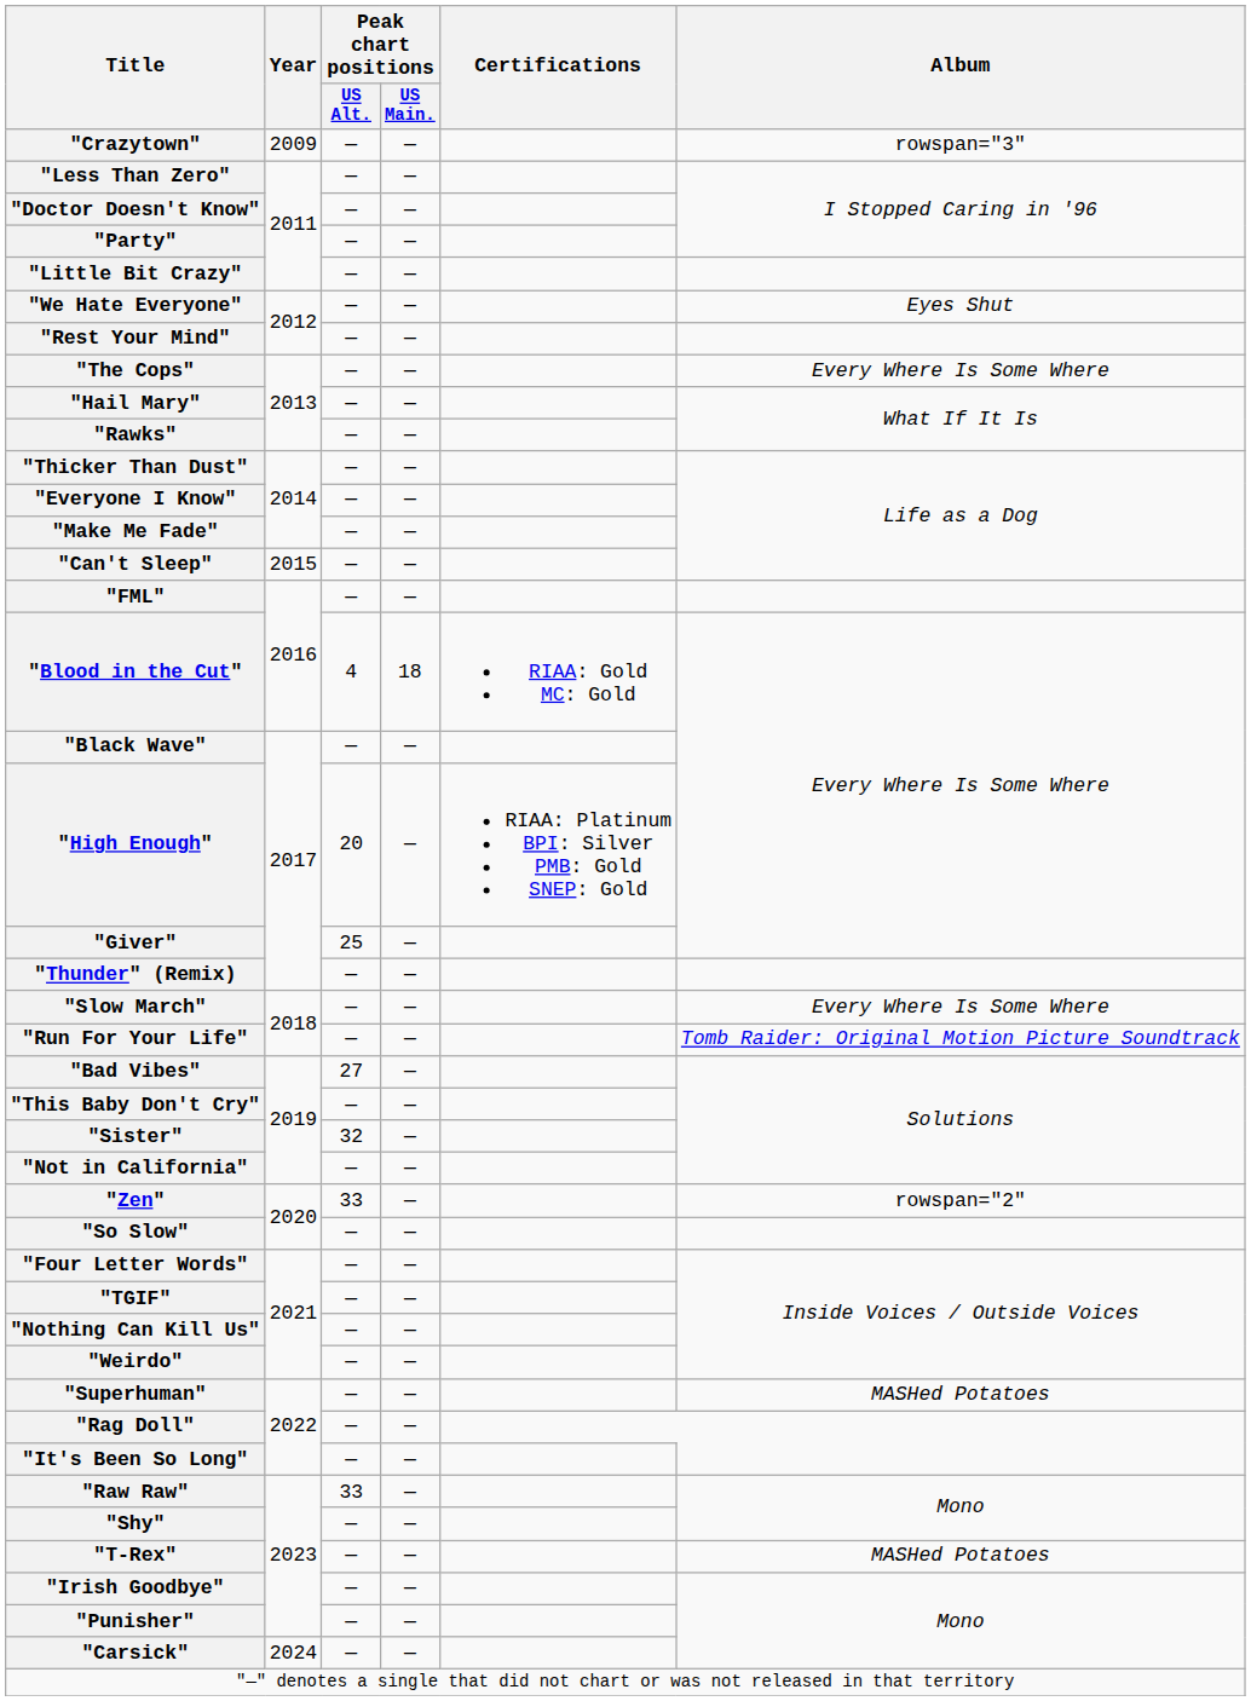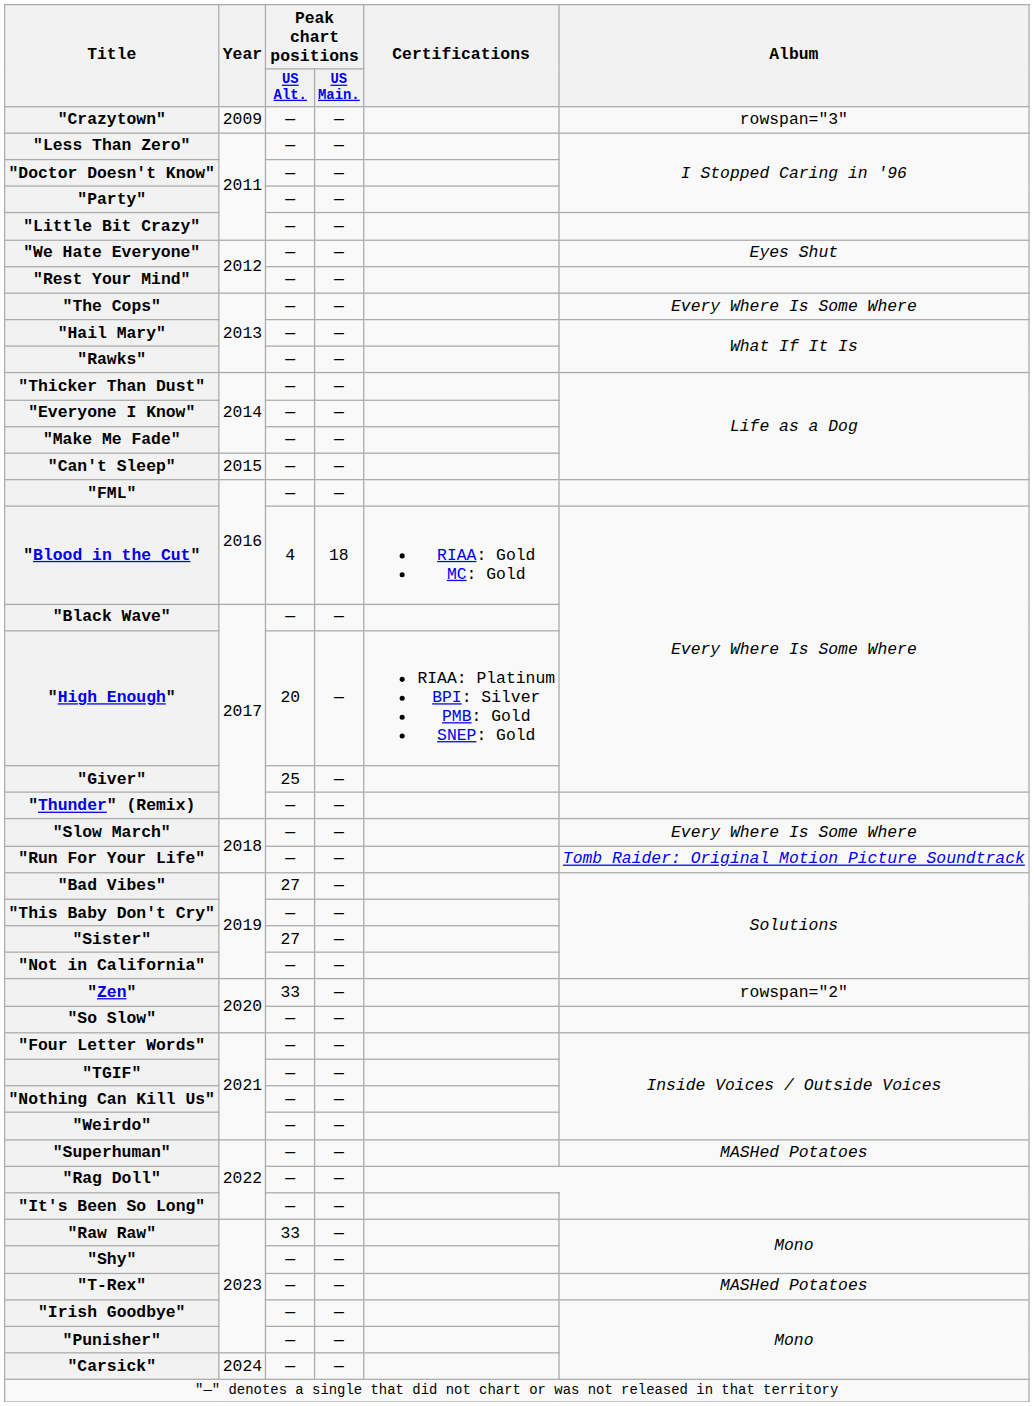 <table class="wikitable plainrowheaders" style="text-align:center;">
 <tr>
 <th scope="col" rowspan="2">Title</th>
 <th scope="col" rowspan="2">Year</th>
 <th scope="col" colspan="2">Peak chart positions</th>
 <th scope="col" rowspan="2">Certifications</th>
 <th scope="col" rowspan="2">Album</th>
 </tr>
 <tr>
 <th scope="col" style="width:3em;font-size:85%;"><a href='#'>US Alt.</a><br></th>
 <th scope="col" style="width:3em;font-size:85%;"><a href='#'>US Main.</a><br></th>
 </tr>
 <tr>
 <th scope="row">"Crazytown"</th>
 <td>2009</td>
 <td>—</td>
 <td>—</td>
 <td></td>
 <td>rowspan="3" </td>
 </tr>
 <tr>
 <th scope="row">"Less Than Zero"</th>
 <td rowspan="4">2011</td>
 <td>—</td>
 <td>—</td>
 <td></td>
 <td rowspan="3"><em>I Stopped Caring in '96</em></td>
 </tr>
 <tr>
 <th scope="row">"Doctor Doesn't Know"</th>
 <td>—</td>
 <td>—</td>
 <td></td>
 </tr>
 <tr>
 <th scope="row">"Party"</th>
 <td>—</td>
 <td>—</td>
 <td></td>
 </tr>
 <tr>
 <th scope="row">"Little Bit Crazy"</th>
 <td>—</td>
 <td>—</td>
 <td></td>
 <td></td>
 </tr>
 <tr>
 <th scope="row">"We Hate Everyone"</th>
 <td rowspan="2">2012</td>
 <td>—</td>
 <td>—</td>
 <td></td>
 <td><em>Eyes Shut</em></td>
 </tr>
 <tr>
 <th scope="row">"Rest Your Mind"<br></th>
 <td>—</td>
 <td>—</td>
 <td></td>
 <td></td>
 </tr>
 <tr>
 <th scope="row">"The Cops"</th>
 <td rowspan="3">2013</td>
 <td>—</td>
 <td>—</td>
 <td></td>
 <td><em>Every Where Is Some Where</em></td>
 </tr>
 <tr>
 <th scope="row">"Hail Mary"<br></th>
 <td>—</td>
 <td>—</td>
 <td></td>
 <td rowspan="2"><em>What If It Is</em></td>
 </tr>
 <tr>
 <th scope="row">"Rawks"</th>
 <td>—</td>
 <td>—</td>
 <td></td>
 </tr>
 <tr>
 <th scope="row">"Thicker Than Dust"</th>
 <td rowspan="3">2014</td>
 <td>—</td>
 <td>—</td>
 <td></td>
 <td rowspan="4"><em>Life as a Dog</em></td>
 </tr>
 <tr>
 <th scope="row">"Everyone I Know"</th>
 <td>—</td>
 <td>—</td>
 <td></td>
 </tr>
 <tr>
 <th scope="row">"Make Me Fade"</th>
 <td>—</td>
 <td>—</td>
 <td></td>
 </tr>
 <tr>
 <th scope="row">"Can't Sleep"</th>
 <td>2015</td>
 <td>—</td>
 <td>—</td>
 <td></td>
 </tr>
 <tr>
 <th scope="row">"FML"</th>
 <td rowspan="2">2016</td>
 <td>—</td>
 <td>—</td>
 <td></td>
 <td></td>
 </tr>
 <tr>
 <th scope="row">"<a href='#'>Blood in the Cut</a>"</th>
 <td>4</td>
 <td>18</td>
 <td><br><ul><li><a href='#'>RIAA</a>: Gold</li><li><a href='#'>MC</a>: Gold</li></ul></td>
 <td rowspan="4"><em>Every Where Is Some Where</em></td>
 </tr>
 <tr>
 <th scope="row">"Black Wave"</th>
 <td rowspan="4">2017</td>
 <td>—</td>
 <td>—</td>
 <td></td>
 </tr>
 <tr>
 <th scope="row">"<a href='#'>High Enough</a>"</th>
 <td>20</td>
 <td>—</td>
 <td><br><ul><li>RIAA: Platinum</li><li><a href='#'>BPI</a>: Silver</li><li><a href='#'>PMB</a>: Gold</li><li><a href='#'>SNEP</a>: Gold</li></ul></td>
 </tr>
 <tr>
 <th scope="row">"Giver"</th>
 <td>25</td>
 <td>—</td>
 <td></td>
 </tr>
 <tr>
 <th scope="row">"<a href='#'>Thunder</a>" (Remix)<br></th>
 <td>—</td>
 <td>—</td>
 <td></td>
 <td></td>
 </tr>
 <tr>
 <th scope="row">"Slow March"</th>
 <td rowspan="2">2018</td>
 <td>—</td>
 <td>—</td>
 <td></td>
 <td><em>Every Where Is Some Where</em></td>
 </tr>
 <tr>
 <th scope="row">"Run For Your Life"</th>
 <td>—</td>
 <td>—</td>
 <td></td>
 <td><a href='#'><em>Tomb Raider: Original Motion Picture Soundtrack</em></a></td>
 </tr>
 <tr>
 <th scope="row">"Bad Vibes"</th>
 <td rowspan="4">2019</td>
 <td>27</td>
 <td>—</td>
 <td></td>
 <td rowspan="4"><em>Solutions</em></td>
 </tr>
 <tr>
 <th scope="row">"This Baby Don't Cry"</th>
 <td>—</td>
 <td>—</td>
 <td></td>
 </tr>
 <tr>
 <th scope="row">"Sister"</th>
-<td>32</td>
+<td>27</td>
 <td>—</td>
 <td></td>
 </tr>
 <tr>
 <th scope="row">"Not in California"</th>
 <td>—</td>
 <td>—</td>
 <td></td>
 </tr>
 <tr>
 <th scope="row">"<a href='#'>Zen</a>"<br></th>
 <td rowspan="2">2020</td>
 <td>33</td>
 <td>—</td>
 <td></td>
 <td>rowspan="2" </td>
 </tr>
 <tr>
 <th scope="row">"So Slow" <br></th>
 <td>—</td>
 <td>—</td>
 <td></td>
 </tr>
 <tr>
 <th scope="row">"Four Letter Words"</th>
 <td rowspan="4">2021</td>
 <td>—</td>
 <td>—</td>
 <td></td>
 <td rowspan="4"><em>Inside Voices / Outside Voices</em></td>
 </tr>
 <tr>
 <th scope="row">"TGIF"<br></th>
 <td>—</td>
 <td>—</td>
 <td></td>
 </tr>
 <tr>
 <th scope="row">"Nothing Can Kill Us"</th>
 <td>—</td>
 <td>—</td>
 <td></td>
 </tr>
 <tr>
 <th scope="row">"Weirdo"</th>
 <td>—</td>
 <td>—</td>
 </tr>
 <tr>
 <th scope="row">"Superhuman" <br></th>
 <td rowspan="3">2022</td>
 <td>—</td>
 <td>—</td>
 <td></td>
 <td><em>MASHed Potatoes</em></td>
 </tr>
 <tr>
 <th scope="row">"Rag Doll"<br></th>
 <td>—</td>
 <td>—</td>
 </tr>
 <tr>
 <th scope="row">"It's Been So Long"</th>
 <td>—</td>
 <td>—</td>
 <td></td>
 </tr>
 <tr>
 <th scope="row">"Raw Raw"</th>
 <td rowspan="5">2023</td>
 <td>33</td>
 <td>—</td>
 <td></td>
 <td rowspan="2"><em>Mono</em></td>
 </tr>
 <tr>
 <th scope="row">"Shy"</th>
 <td>—</td>
 <td>—</td>
 <td></td>
 </tr>
 <tr>
 <th scope="row">"T-Rex"</th>
 <td>—</td>
 <td>—</td>
 <td></td>
 <td><em>MASHed Potatoes</em></td>
 </tr>
 <tr>
 <th scope="row">"Irish Goodbye"<br></th>
 <td>—</td>
 <td>—</td>
 <td></td>
 <td rowspan="3"><em>Mono</em></td>
 </tr>
 <tr>
 <th scope="row">"Punisher"</th>
 <td>—</td>
 <td>—</td>
 <td></td>
 </tr>
 <tr>
 <th scope="row">"Carsick"</th>
 <td>2024</td>
 <td>—</td>
 <td>—</td>
 <td></td>
 </tr>
 <tr>
 <td colspan="7" style="font-size:85%">"—" denotes a single that did not chart or was not released in that territory</td>
 </tr>
 </table>
